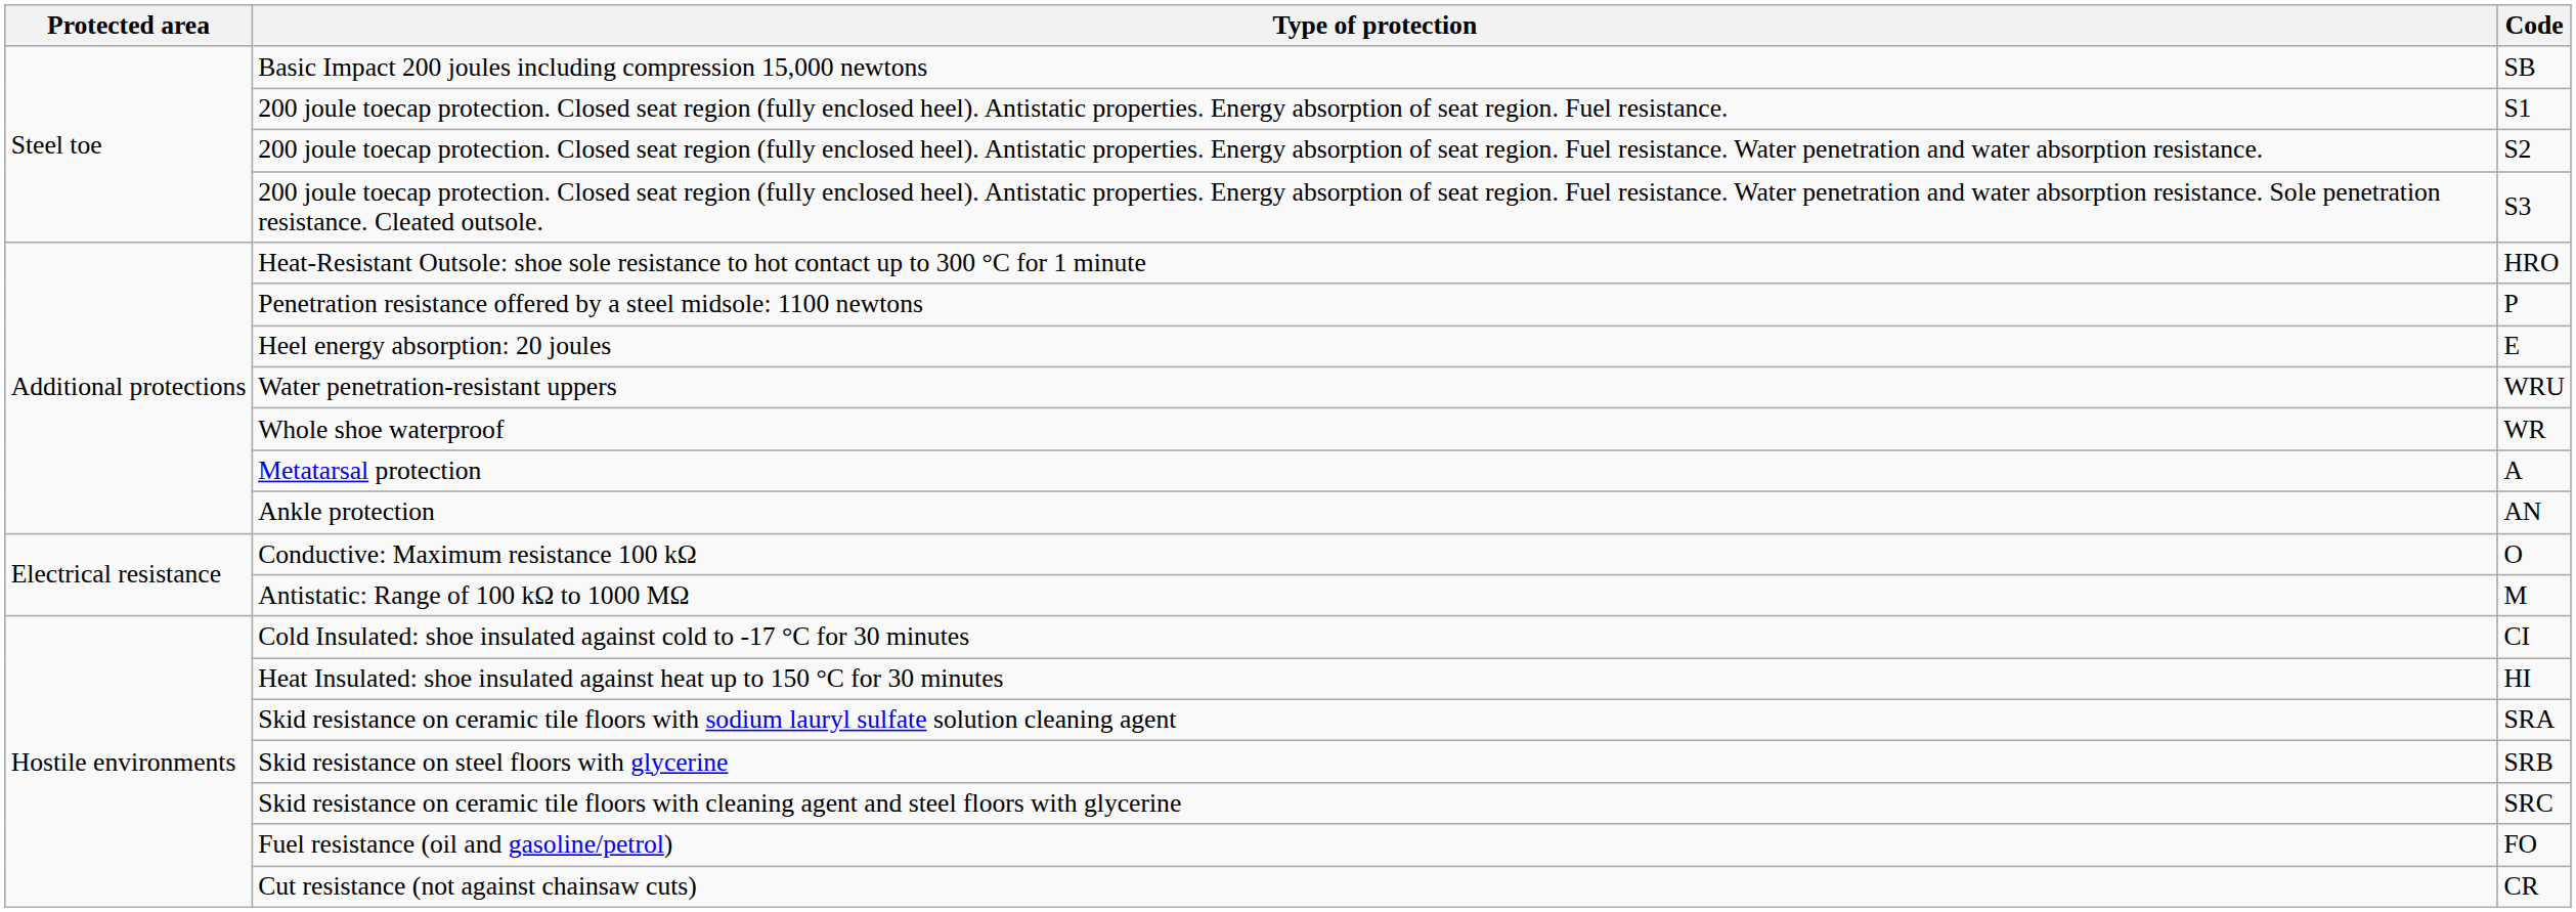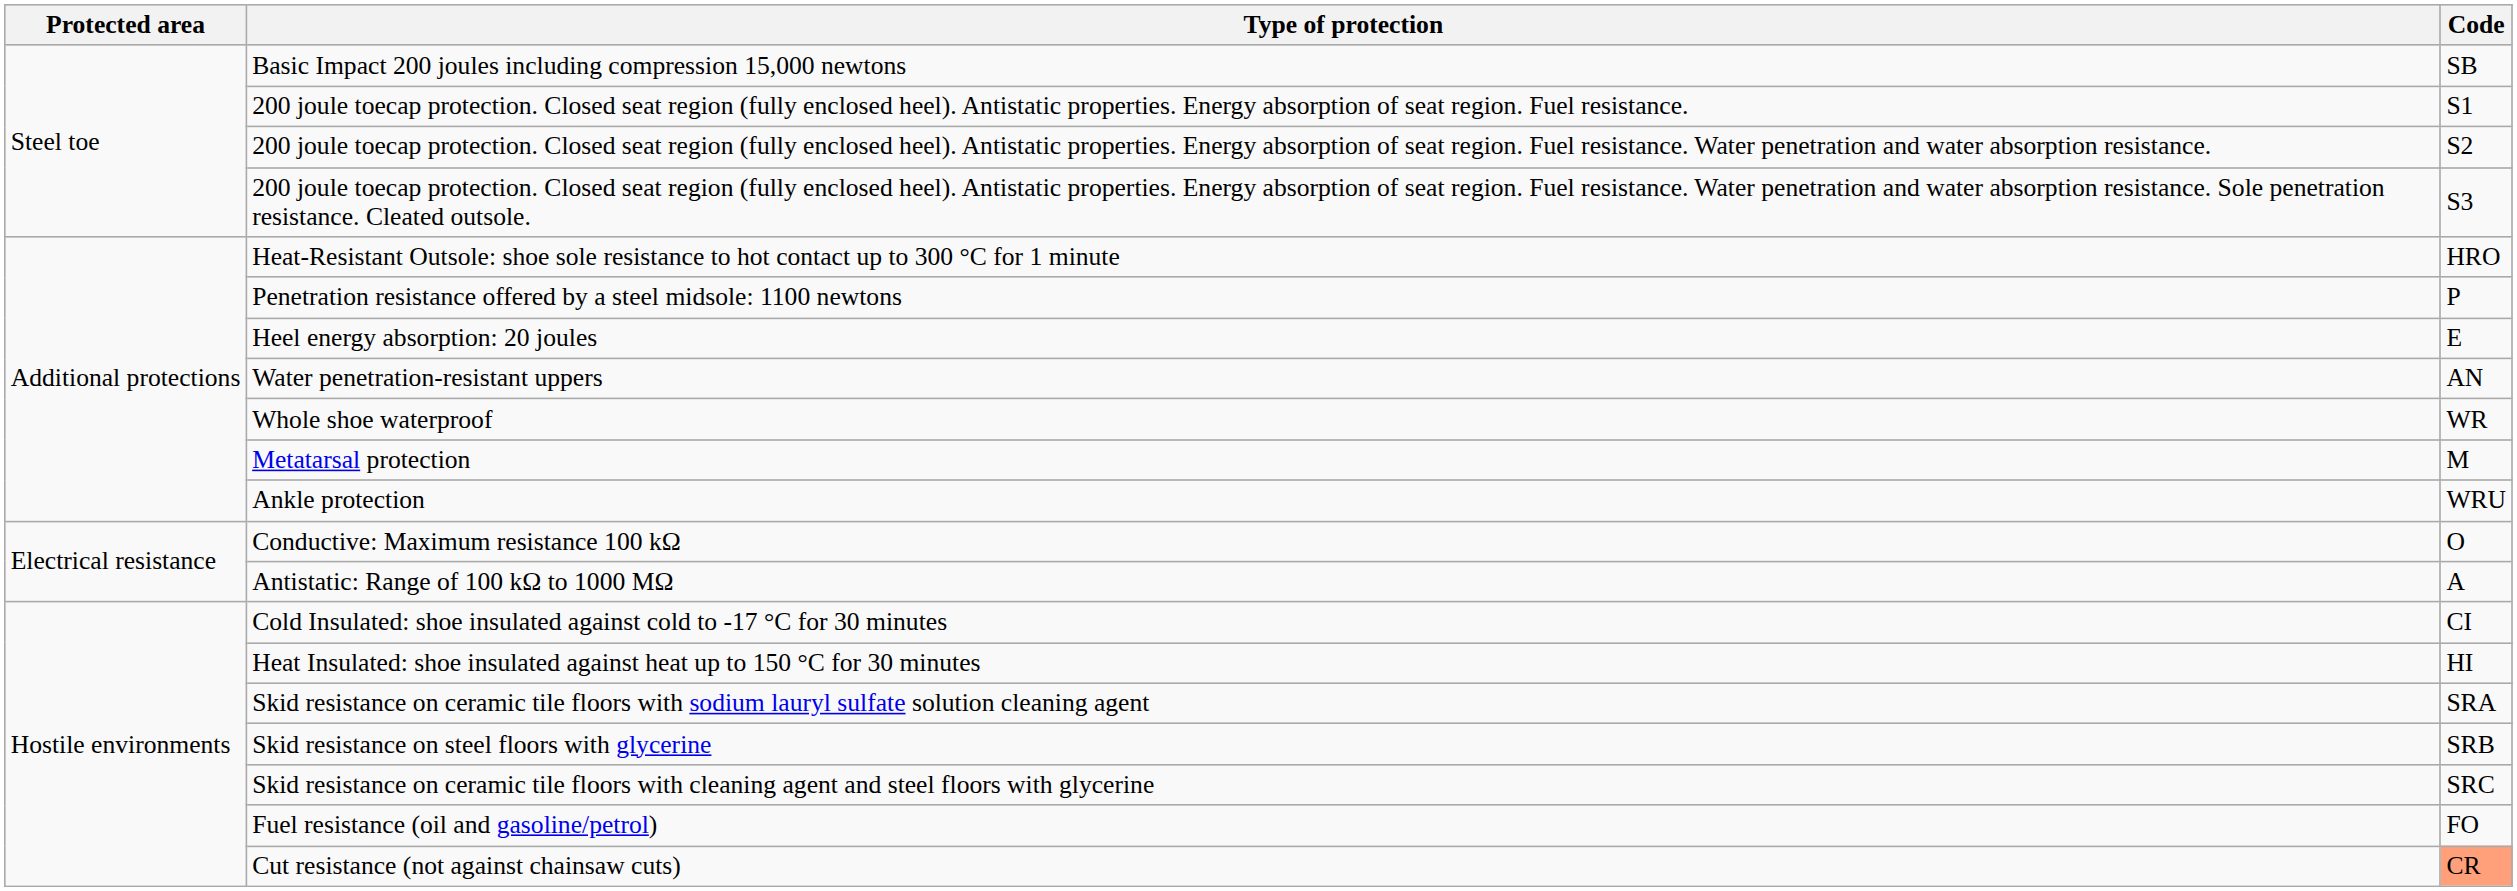 <table class="wikitable" border="1">
 <tr>
 <th>Protected area</th>
 <th>Type of protection</th>
 <th>Code</th>
 </tr>
 <tr>
 <td rowspan="4">Steel toe</td>
 <td>Basic Impact 200 joules including compression 15,000 newtons</td>
 <td>SB</td>
 </tr>
 <tr>
 <td>200 joule toecap protection. Closed seat region (fully enclosed heel). Antistatic properties. Energy absorption of seat region. Fuel resistance.</td>
 <td>S1</td>
 </tr>
 <tr>
 <td>200 joule toecap protection. Closed seat region (fully enclosed heel). Antistatic properties. Energy absorption of seat region. Fuel resistance. Water penetration and water absorption resistance.</td>
 <td>S2</td>
 </tr>
 <tr>
 <td>200 joule toecap protection. Closed seat region (fully enclosed heel). Antistatic properties. Energy absorption of seat region. Fuel resistance. Water penetration and water absorption resistance. Sole penetration resistance. Cleated outsole.</td>
 <td>S3</td>
 </tr>
 <tr>
 <td rowspan="7">Additional protections</td>
 <td>Heat-Resistant Outsole: shoe sole resistance to hot contact up to 300 °C for 1 minute</td>
 <td>HRO</td>
 </tr>
 <tr>
 <td>Penetration resistance offered by a steel midsole: 1100 newtons</td>
 <td>P</td>
 </tr>
 <tr>
 <td>Heel energy absorption: 20 joules</td>
 <td>E</td>
 </tr>
 <tr>
 <td>Water penetration-resistant uppers</td>
-<td>WRU</td>
+<td>AN</td>
 </tr>
 <tr>
 <td>Whole shoe waterproof</td>
 <td>WR</td>
 </tr>
 <tr>
 <td><a href='#'>Metatarsal</a> protection</td>
-<td>A</td>
+<td>M</td>
 </tr>
 <tr>
 <td>Ankle protection</td>
-<td>AN</td>
+<td>WRU</td>
 </tr>
 <tr>
 <td rowspan="2">Electrical resistance</td>
 <td>Conductive: Maximum resistance 100 kΩ</td>
 <td>O</td>
 </tr>
 <tr>
 <td>Antistatic: Range of 100 kΩ to 1000 MΩ</td>
-<td>M</td>
+<td>A</td>
 </tr>
 <tr>
 <td rowspan="8">Hostile environments</td>
 <td>Cold Insulated: shoe insulated against cold to -17 °C for 30 minutes</td>
 <td>CI</td>
 </tr>
 <tr>
 <td>Heat Insulated: shoe insulated against heat up to 150 °C for 30 minutes</td>
 <td>HI</td>
 </tr>
 <tr>
 <td>Skid resistance on ceramic tile floors with <a href='#'>sodium lauryl sulfate</a> solution cleaning agent</td>
 <td>SRA</td>
 </tr>
 <tr>
 <td>Skid resistance on steel floors with <a href='#'>glycerine</a></td>
 <td>SRB</td>
 </tr>
 <tr>
 <td>Skid resistance on ceramic tile floors with cleaning agent and steel floors with glycerine</td>
 <td>SRC</td>
 </tr>
 <tr>
 <td>Fuel resistance (oil and <a href='#'>gasoline/petrol</a>)</td>
 <td>FO</td>
 </tr>
 <tr>
 <td>Cut resistance (not against chainsaw cuts)</td>
-<td>CR</td>
+<td style="background: lightsalmon;">CR</td>
 </tr>
 </table>
